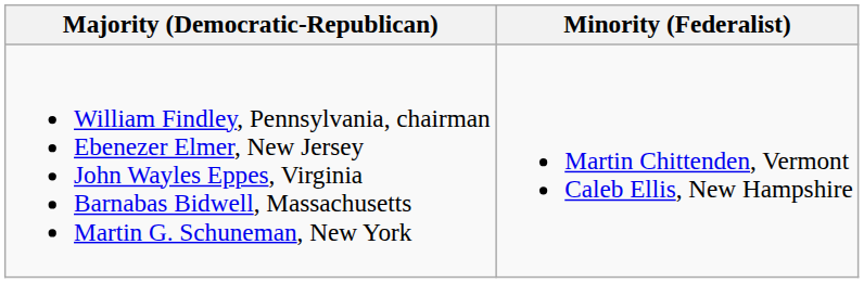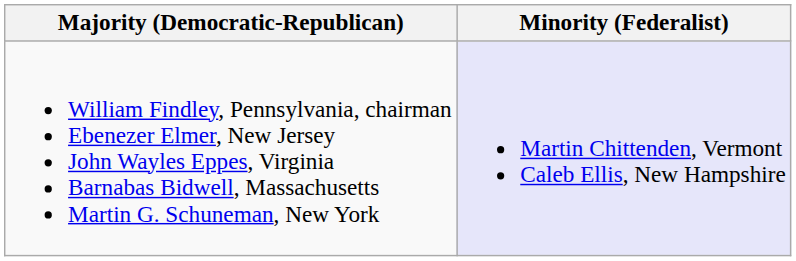 <table class=wikitable>
 <tr>
 <th>Majority (Democratic-Republican)</th>
 <th>Minority (Federalist)</th>
 </tr>
 <tr>
 <td><br><ul><li><a href='#'>William Findley</a>, Pennsylvania, chairman</li><li><a href='#'>Ebenezer Elmer</a>, New Jersey</li><li><a href='#'>John Wayles Eppes</a>, Virginia</li><li><a href='#'>Barnabas Bidwell</a>, Massachusetts</li><li><a href='#'>Martin G. Schuneman</a>, New York</li></ul></td>
-<td><br><ul><li><a href='#'>Martin Chittenden</a>, Vermont</li><li><a href='#'>Caleb Ellis</a>, New Hampshire</li></ul></td>
+<td style="background: lavender;"><br><ul><li><a href='#'>Martin Chittenden</a>, Vermont</li><li><a href='#'>Caleb Ellis</a>, New Hampshire</li></ul></td>
 </tr>
 </table>
